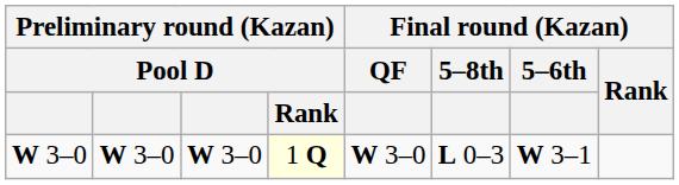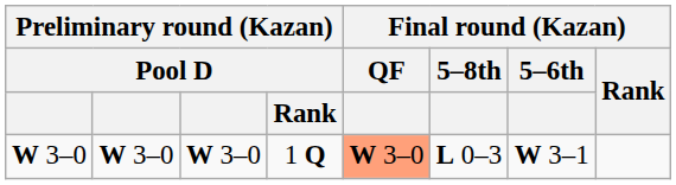 <table class="wikitable" style="font-size:100%;">
 <tr>
 <th colspan=4>Preliminary round  (Kazan)</th>
 <th colspan=4>Final round (Kazan)</th>
 </tr>
 <tr>
 <th colspan=4>Pool D</th>
 <th>QF</th>
 <th>5–8th</th>
 <th>5–6th</th>
 <th rowspan=2>Rank</th>
 </tr>
 <tr>
 <th></th>
 <th></th>
 <th></th>
 <th>Rank</th>
 <th></th>
 <th></th>
 <th></th>
 </tr>
 <tr align=center>
 <td><strong>W</strong> 3–0</td>
 <td><strong>W</strong> 3–0</td>
 <td><strong>W</strong> 3–0</td>
-<td style="background: lightyellow;">1 <strong>Q</strong></td>
-<td><strong>W</strong> 3–0</td>
+<td>1 <strong>Q</strong></td>
+<td style="background: lightsalmon;"><strong>W</strong> 3–0</td>
 <td><strong>L</strong> 0–3</td>
 <td><strong>W</strong> 3–1</td>
 <td></td>
 </tr>
 </table>
